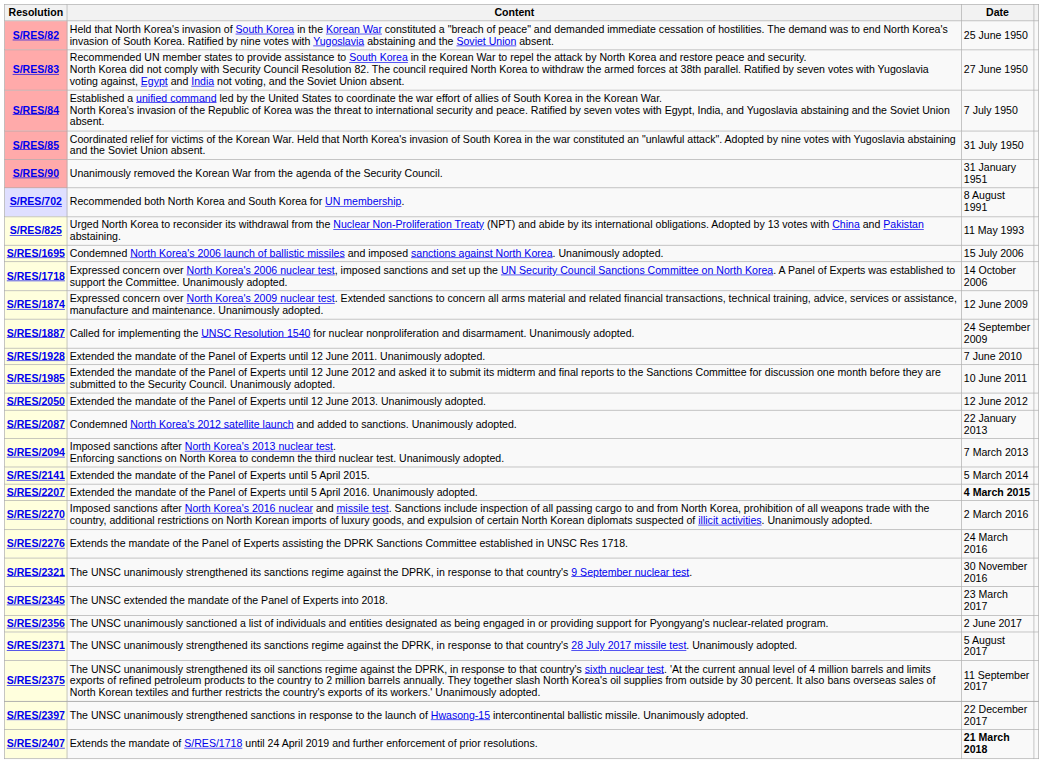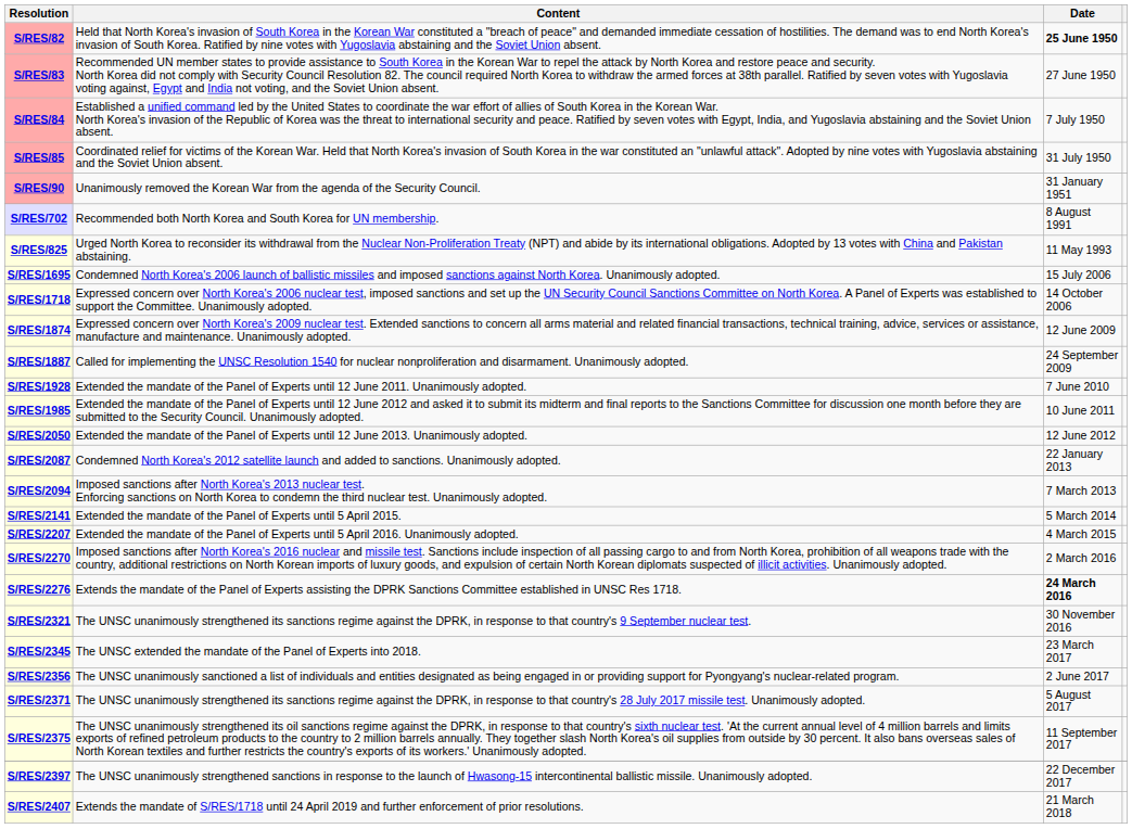 <table class="wikitable">
 <tr>
 <th>Resolution</th>
 <th>Content</th>
 <th>Date</th>
 <th></th>
 </tr>
 <tr>
 <th style="background: #faa"><a href='#'>S/RES/82</a></th>
 <td>Held that North Korea's invasion of <a href='#'>South Korea</a> in the <a href='#'>Korean War</a> constituted a "breach of peace" and demanded immediate cessation of hostilities. The demand was to end North Korea's invasion of South Korea. Ratified by nine votes with <a href='#'>Yugoslavia</a> abstaining and the <a href='#'>Soviet Union</a> absent.</td>
-<td>25 June 1950</td>
+<td><strong>25 June 1950</strong></td>
 <td></td>
 </tr>
 <tr>
 <th style="background: #faa"><a href='#'>S/RES/83</a></th>
 <td>Recommended UN member states to provide assistance to <a href='#'>South Korea</a> in the Korean War to repel the attack by North Korea and restore peace and security.<br>North Korea did not comply with Security Council Resolution 82. The council required North Korea to withdraw the armed forces at 38th parallel. Ratified by seven votes with Yugoslavia voting against, <a href='#'>Egypt</a> and <a href='#'>India</a> not voting, and the Soviet Union absent.</td>
 <td>27 June 1950</td>
 <td></td>
 </tr>
 <tr>
 <th style="background: #faa"><a href='#'>S/RES/84</a></th>
 <td>Established a <a href='#'>unified command</a> led by the United States to coordinate the war effort of allies of South Korea in the Korean War.<br>North Korea's invasion of the Republic of Korea was the threat to international security and peace. Ratified by seven votes with Egypt, India, and Yugoslavia abstaining and the Soviet Union absent.</td>
 <td>7 July 1950</td>
 <td></td>
 </tr>
 <tr>
 <th style="background: #faa"><a href='#'>S/RES/85</a></th>
 <td>Coordinated relief for victims of the Korean War. Held that North Korea's invasion of South Korea in the war constituted an "unlawful attack". Adopted by nine votes with Yugoslavia abstaining and the Soviet Union absent.</td>
 <td>31 July 1950</td>
 <td></td>
 </tr>
 <tr>
 <th style="background: #faa"><a href='#'>S/RES/90</a></th>
 <td>Unanimously removed the Korean War from the agenda of the Security Council.</td>
 <td>31 January 1951</td>
 <td></td>
 </tr>
 <tr>
 <th style="background: #DFDFFF"><a href='#'>S/RES/702</a></th>
 <td>Recommended both North Korea and South Korea for <a href='#'>UN membership</a>.</td>
 <td>8 August 1991</td>
 <td></td>
 </tr>
 <tr>
 <th style="background: #FFD"><a href='#'>S/RES/825</a></th>
 <td>Urged North Korea to reconsider its withdrawal from the <a href='#'>Nuclear Non-Proliferation Treaty</a> (NPT) and abide by its international obligations. Adopted by 13 votes with <a href='#'>China</a> and <a href='#'>Pakistan</a> abstaining.</td>
 <td>11 May 1993</td>
 <td></td>
 </tr>
 <tr>
 <th style="background: #FFD"><a href='#'>S/RES/1695</a></th>
 <td>Condemned <a href='#'>North Korea's 2006 launch of ballistic missiles</a> and imposed <a href='#'>sanctions against North Korea</a>. Unanimously adopted.</td>
 <td>15 July 2006</td>
 <td></td>
 </tr>
 <tr>
 <th style="background: #FFD"><a href='#'>S/RES/1718</a></th>
 <td>Expressed concern over <a href='#'>North Korea's 2006 nuclear test</a>, imposed sanctions and set up the <a href='#'>UN Security Council Sanctions Committee on North Korea</a>. A Panel of Experts was established to support the Committee. Unanimously adopted.</td>
 <td>14 October 2006</td>
 <td></td>
 </tr>
 <tr>
 <th style="background: #FFD"><a href='#'>S/RES/1874</a></th>
 <td>Expressed concern over <a href='#'>North Korea's 2009 nuclear test</a>. Extended sanctions to concern all arms material and related financial transactions, technical training, advice, services or assistance, manufacture and maintenance. Unanimously adopted.</td>
 <td>12 June 2009</td>
 <td></td>
 </tr>
 <tr>
 <th style="background: #FFD"><a href='#'>S/RES/1887</a></th>
 <td>Called for implementing the <a href='#'>UNSC Resolution 1540</a> for nuclear nonproliferation and disarmament. Unanimously adopted.</td>
 <td>24 September 2009</td>
 <td></td>
 </tr>
 <tr>
 <th style="background: #FFD"><a href='#'>S/RES/1928</a></th>
 <td>Extended the mandate of the Panel of Experts until 12 June 2011. Unanimously adopted.</td>
 <td>7 June 2010</td>
 <td></td>
 </tr>
 <tr>
 <th style="background: #FFD"><a href='#'>S/RES/1985</a></th>
 <td>Extended the mandate of the Panel of Experts until 12 June 2012 and asked it to submit its midterm and final reports to the Sanctions Committee for discussion one month before they are submitted to the Security Council. Unanimously adopted.</td>
 <td>10 June 2011</td>
 <td></td>
 </tr>
 <tr>
 <th style="background: #FFD"><a href='#'>S/RES/2050</a></th>
 <td>Extended the mandate of the Panel of Experts until 12 June 2013. Unanimously adopted.</td>
 <td>12 June 2012</td>
 <td></td>
 </tr>
 <tr>
 <th style="background: #FFD"><a href='#'>S/RES/2087</a></th>
 <td>Condemned <a href='#'>North Korea's 2012 satellite launch</a> and added to sanctions. Unanimously adopted.</td>
 <td>22 January 2013</td>
 <td></td>
 </tr>
 <tr>
 <th style="background: #FFD"><a href='#'>S/RES/2094</a></th>
 <td>Imposed sanctions after <a href='#'>North Korea's 2013 nuclear test</a>.<br>Enforcing sanctions on North Korea to condemn the third nuclear test. Unanimously adopted.</td>
 <td>7 March 2013</td>
 <td></td>
 </tr>
 <tr>
 <th style="background: #FFD"><a href='#'>S/RES/2141</a></th>
 <td>Extended the mandate of the Panel of Experts until 5 April 2015.</td>
 <td>5 March 2014</td>
 <td></td>
 </tr>
 <tr>
 <th style="background: #FFD"><a href='#'>S/RES/2207</a></th>
 <td>Extended the mandate of the Panel of Experts until 5 April 2016. Unanimously adopted.</td>
-<td><strong>4 March 2015</strong></td>
+<td>4 March 2015</td>
 <td></td>
 </tr>
 <tr>
 <th style="background: #FFD"><a href='#'>S/RES/2270</a></th>
 <td>Imposed sanctions after <a href='#'>North Korea's 2016 nuclear</a> and <a href='#'>missile test</a>. Sanctions include inspection of all passing cargo to and from North Korea, prohibition of all weapons trade with the country, additional restrictions on North Korean imports of luxury goods, and expulsion of certain North Korean diplomats suspected of <a href='#'>illicit activities</a>. Unanimously adopted.</td>
 <td>2 March 2016</td>
 <td></td>
 </tr>
 <tr>
 <th style="background: #FFD"><a href='#'>S/RES/2276</a></th>
 <td>Extends the mandate of the Panel of Experts assisting the DPRK Sanctions Committee established in UNSC Res 1718.</td>
-<td>24 March 2016</td>
+<td><strong>24 March 2016</strong></td>
 <td></td>
 </tr>
 <tr>
 <th style="background: #FFD"><a href='#'>S/RES/2321</a></th>
 <td>The UNSC unanimously strengthened its sanctions regime against the DPRK, in response to that country's <a href='#'>9 September nuclear test</a>.</td>
 <td>30 November 2016</td>
 <td></td>
 </tr>
 <tr>
 <th style="background: #FFD"><a href='#'>S/RES/2345</a></th>
 <td>The UNSC extended the mandate of the Panel of Experts into 2018.</td>
 <td>23 March 2017</td>
 <td></td>
 </tr>
 <tr>
 <th style="background: #FFD"><a href='#'>S/RES/2356</a></th>
 <td>The UNSC unanimously sanctioned a list of individuals and entities designated as being engaged in or providing support for Pyongyang's nuclear-related program.</td>
 <td>2 June 2017</td>
 <td></td>
 </tr>
 <tr>
 <th style="background: #FFD"><a href='#'>S/RES/2371</a></th>
 <td>The UNSC unanimously strengthened its sanctions regime against the DPRK, in response to that country's <a href='#'>28 July 2017 missile test</a>. Unanimously adopted.</td>
 <td>5 August 2017</td>
 <td></td>
 </tr>
 <tr>
 <th style="background: #FFD"><a href='#'>S/RES/2375</a></th>
 <td>The UNSC unanimously strengthened its oil sanctions regime against the DPRK, in response to that country's <a href='#'>sixth nuclear test</a>. 'At the current annual level of 4 million barrels and limits exports of refined petroleum products to the country to 2 million barrels annually. They together slash North Korea's oil supplies from outside by 30 percent. It also bans overseas sales of North Korean textiles and further restricts the country's exports of its workers.' Unanimously adopted.</td>
 <td>11 September 2017</td>
 <td></td>
 </tr>
 <tr>
 </tr>
 <tr>
 <th style="background: #FFD"><a href='#'>S/RES/2397</a></th>
 <td>The UNSC unanimously strengthened sanctions in response to the launch of <a href='#'>Hwasong-15</a> intercontinental ballistic missile. Unanimously adopted.</td>
 <td>22 December 2017</td>
 <td></td>
 </tr>
 <tr>
 <th style="background: #FFD"><a href='#'>S/RES/2407</a></th>
 <td>Extends the mandate of <a href='#'>S/RES/1718</a> until 24 April 2019 and further enforcement of prior resolutions.</td>
-<td><strong>21 March 2018</strong></td>
+<td>21 March 2018</td>
 <td></td>
 </tr>
 </table>
